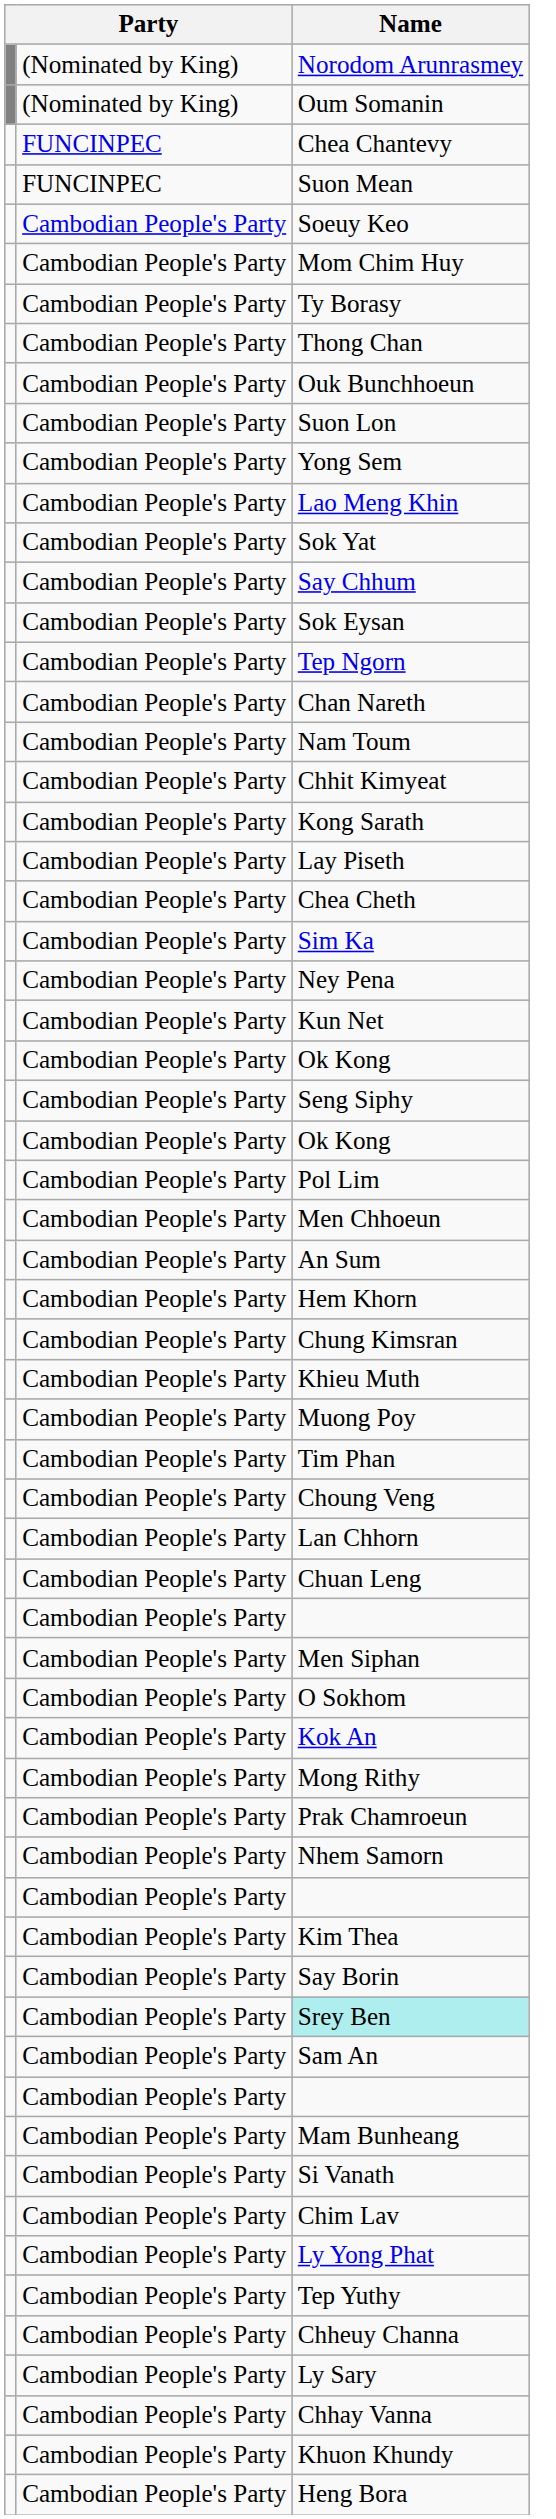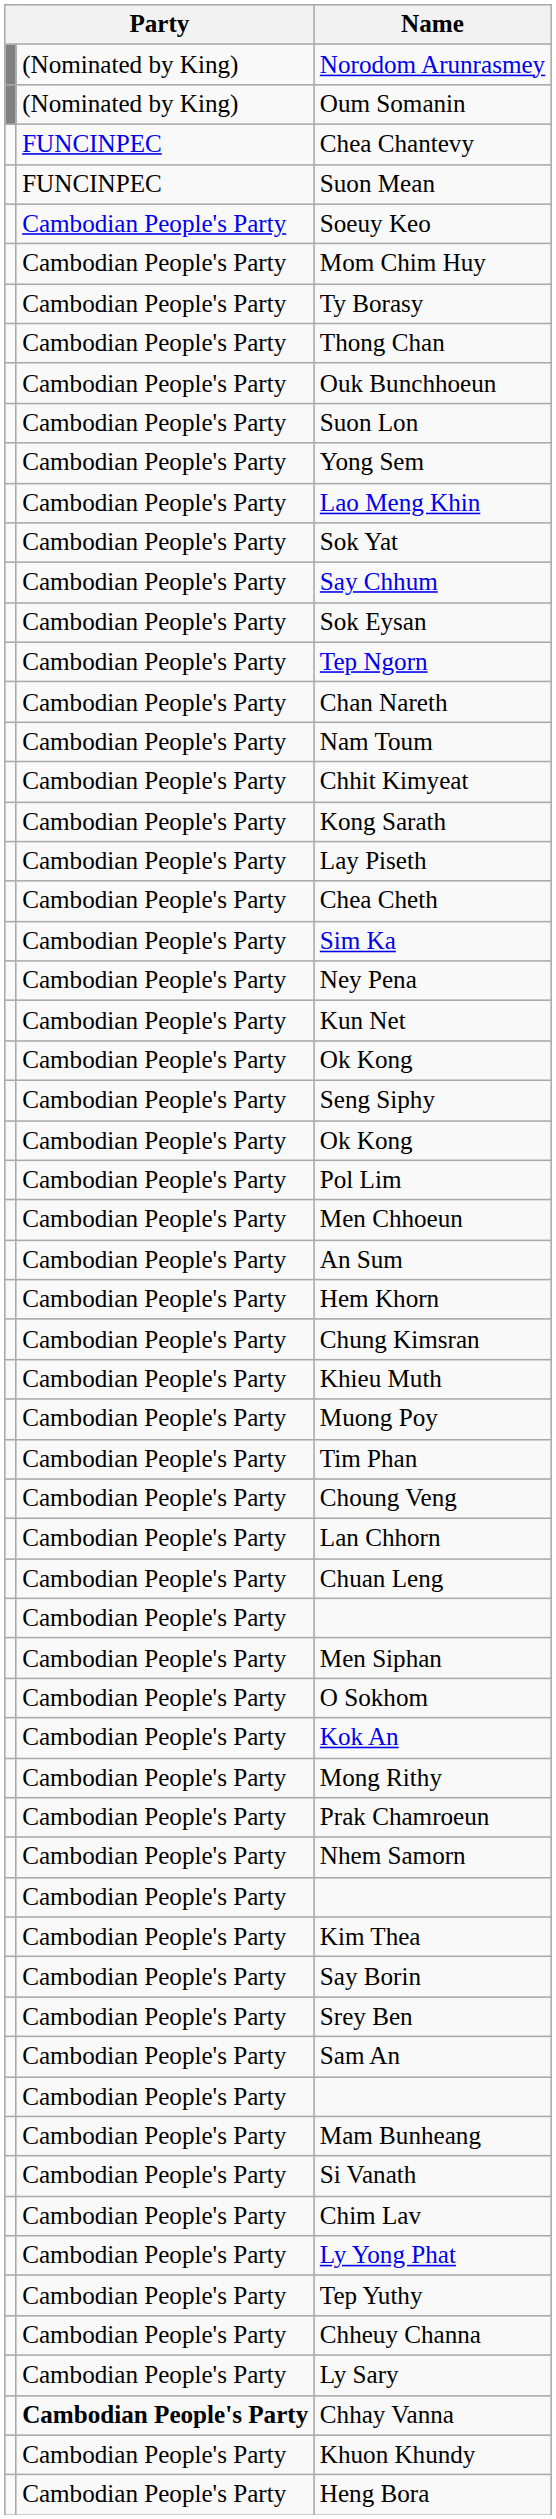 <table class="wikitable sortable">
 <tr>
 <th colspan=2>Party</th>
 <th>Name</th>
 </tr>
 <tr>
 <td style="background-color: grey"></td>
 <td>(Nominated by King)</td>
 <td><a href='#'>Norodom Arunrasmey</a></td>
 </tr>
 <tr>
 <td style="background-color: grey"></td>
 <td>(Nominated by King)</td>
 <td>Oum Somanin</td>
 </tr>
 <tr>
 <td style="background-color: "></td>
 <td><a href='#'>FUNCINPEC</a></td>
 <td>Chea Chantevy</td>
 </tr>
 <tr>
 <td style="background-color: "></td>
 <td>FUNCINPEC</td>
 <td>Suon Mean</td>
 </tr>
 <tr>
 <td style="background-color: "></td>
 <td><a href='#'>Cambodian People's Party</a></td>
 <td>Soeuy Keo</td>
 </tr>
 <tr>
 <td style="background-color: "></td>
 <td>Cambodian People's Party</td>
 <td>Mom Chim Huy</td>
 </tr>
 <tr>
 <td style="background-color: "></td>
 <td>Cambodian People's Party</td>
 <td>Ty Borasy</td>
 </tr>
 <tr>
 <td style="background-color: "></td>
 <td>Cambodian People's Party</td>
 <td>Thong Chan</td>
 </tr>
 <tr>
 <td style="background-color: "></td>
 <td>Cambodian People's Party</td>
 <td>Ouk Bunchhoeun</td>
 </tr>
 <tr>
 <td style="background-color: "></td>
 <td>Cambodian People's Party</td>
 <td>Suon Lon</td>
 </tr>
 <tr>
 <td style="background-color: "></td>
 <td>Cambodian People's Party</td>
 <td>Yong Sem</td>
 </tr>
 <tr>
 <td style="background-color: "></td>
 <td>Cambodian People's Party</td>
 <td><a href='#'>Lao Meng Khin</a></td>
 </tr>
 <tr>
 <td style="background-color: "></td>
 <td>Cambodian People's Party</td>
 <td>Sok Yat</td>
 </tr>
 <tr>
 <td style="background-color: "></td>
 <td>Cambodian People's Party</td>
 <td><a href='#'>Say Chhum</a></td>
 </tr>
 <tr>
 <td style="background-color: "></td>
 <td>Cambodian People's Party</td>
 <td>Sok Eysan</td>
 </tr>
 <tr>
 <td style="background-color: "></td>
 <td>Cambodian People's Party</td>
 <td><a href='#'>Tep Ngorn</a></td>
 </tr>
 <tr>
 <td style="background-color: "></td>
 <td>Cambodian People's Party</td>
 <td>Chan Nareth</td>
 </tr>
 <tr>
 <td style="background-color: "></td>
 <td>Cambodian People's Party</td>
 <td>Nam Toum</td>
 </tr>
 <tr>
 <td style="background-color: "></td>
 <td>Cambodian People's Party</td>
 <td>Chhit Kimyeat</td>
 </tr>
 <tr>
 <td style="background-color: "></td>
 <td>Cambodian People's Party</td>
 <td>Kong Sarath</td>
 </tr>
 <tr>
 <td style="background-color: "></td>
 <td>Cambodian People's Party</td>
 <td>Lay Piseth</td>
 </tr>
 <tr>
 <td style="background-color: "></td>
 <td>Cambodian People's Party</td>
 <td>Chea Cheth</td>
 </tr>
 <tr>
 <td style="background-color: "></td>
 <td>Cambodian People's Party</td>
 <td><a href='#'>Sim Ka</a></td>
 </tr>
 <tr>
 <td style="background-color: "></td>
 <td>Cambodian People's Party</td>
 <td>Ney Pena</td>
 </tr>
 <tr>
 <td style="background-color: "></td>
 <td>Cambodian People's Party</td>
 <td>Kun Net</td>
 </tr>
 <tr>
 <td style="background-color: "></td>
 <td>Cambodian People's Party</td>
 <td>Ok Kong</td>
 </tr>
 <tr>
 <td style="background-color: "></td>
 <td>Cambodian People's Party</td>
 <td>Seng Siphy</td>
 </tr>
 <tr>
 <td style="background-color: "></td>
 <td>Cambodian People's Party</td>
 <td>Ok Kong</td>
 </tr>
 <tr>
 <td style="background-color: "></td>
 <td>Cambodian People's Party</td>
 <td>Pol Lim</td>
 </tr>
 <tr>
 <td style="background-color: "></td>
 <td>Cambodian People's Party</td>
 <td>Men Chhoeun</td>
 </tr>
 <tr>
 <td style="background-color: "></td>
 <td>Cambodian People's Party</td>
 <td>An Sum</td>
 </tr>
 <tr>
 <td style="background-color: "></td>
 <td>Cambodian People's Party</td>
 <td>Hem Khorn</td>
 </tr>
 <tr>
 <td style="background-color: "></td>
 <td>Cambodian People's Party</td>
 <td>Chung Kimsran</td>
 </tr>
 <tr>
 <td style="background-color: "></td>
 <td>Cambodian People's Party</td>
 <td>Khieu Muth</td>
 </tr>
 <tr>
 <td style="background-color: "></td>
 <td>Cambodian People's Party</td>
 <td>Muong Poy</td>
 </tr>
 <tr>
 <td style="background-color: "></td>
 <td>Cambodian People's Party</td>
 <td>Tim Phan</td>
 </tr>
 <tr>
 <td style="background-color: "></td>
 <td>Cambodian People's Party</td>
 <td>Choung Veng</td>
 </tr>
 <tr>
 <td style="background-color: "></td>
 <td>Cambodian People's Party</td>
 <td>Lan Chhorn</td>
 </tr>
 <tr>
 <td style="background-color: "></td>
 <td>Cambodian People's Party</td>
 <td>Chuan Leng</td>
 </tr>
 <tr>
 <td style="background-color: "></td>
 <td>Cambodian People's Party</td>
 <td></td>
 </tr>
 <tr>
 <td style="background-color: "></td>
 <td>Cambodian People's Party</td>
 <td>Men Siphan</td>
 </tr>
 <tr>
 <td style="background-color: "></td>
 <td>Cambodian People's Party</td>
 <td>O Sokhom</td>
 </tr>
 <tr>
 <td style="background-color: "></td>
 <td>Cambodian People's Party</td>
 <td><a href='#'>Kok An</a></td>
 </tr>
 <tr>
 <td style="background-color: "></td>
 <td>Cambodian People's Party</td>
 <td>Mong Rithy</td>
 </tr>
 <tr>
 <td style="background-color: "></td>
 <td>Cambodian People's Party</td>
 <td>Prak Chamroeun</td>
 </tr>
 <tr>
 <td style="background-color: "></td>
 <td>Cambodian People's Party</td>
 <td>Nhem Samorn</td>
 </tr>
 <tr>
 <td style="background-color: "></td>
 <td>Cambodian People's Party</td>
 <td></td>
 </tr>
 <tr>
 <td style="background-color: "></td>
 <td>Cambodian People's Party</td>
 <td>Kim Thea</td>
 </tr>
 <tr>
 <td style="background-color: "></td>
 <td>Cambodian People's Party</td>
 <td>Say Borin</td>
 </tr>
 <tr>
 <td style="background-color: "></td>
 <td>Cambodian People's Party</td>
-<td style="background: paleturquoise;">Srey Ben</td>
+<td>Srey Ben</td>
 </tr>
 <tr>
 <td style="background-color: "></td>
 <td>Cambodian People's Party</td>
 <td>Sam An</td>
 </tr>
 <tr>
 <td style="background-color: "></td>
 <td>Cambodian People's Party</td>
 <td></td>
 </tr>
 <tr>
 <td style="background-color: "></td>
 <td>Cambodian People's Party</td>
 <td>Mam Bunheang</td>
 </tr>
 <tr>
 <td style="background-color: "></td>
 <td>Cambodian People's Party</td>
 <td>Si Vanath</td>
 </tr>
 <tr>
 <td style="background-color: "></td>
 <td>Cambodian People's Party</td>
 <td>Chim Lav</td>
 </tr>
 <tr>
 <td style="background-color: "></td>
 <td>Cambodian People's Party</td>
 <td><a href='#'>Ly Yong Phat</a></td>
 </tr>
 <tr>
 <td style="background-color: "></td>
 <td>Cambodian People's Party</td>
 <td>Tep Yuthy</td>
 </tr>
 <tr>
 <td style="background-color: "></td>
 <td>Cambodian People's Party</td>
 <td>Chheuy Channa</td>
 </tr>
 <tr>
 <td style="background-color: "></td>
 <td>Cambodian People's Party</td>
 <td>Ly Sary</td>
 </tr>
 <tr>
 <td style="background-color: "></td>
-<td>Cambodian People's Party</td>
+<td><strong>Cambodian People's Party</strong></td>
 <td>Chhay Vanna</td>
 </tr>
 <tr>
 <td style="background-color: "></td>
 <td>Cambodian People's Party</td>
 <td>Khuon Khundy</td>
 </tr>
 <tr>
 <td style="background-color: "></td>
 <td>Cambodian People's Party</td>
 <td>Heng Bora</td>
 </tr>
 </table>
